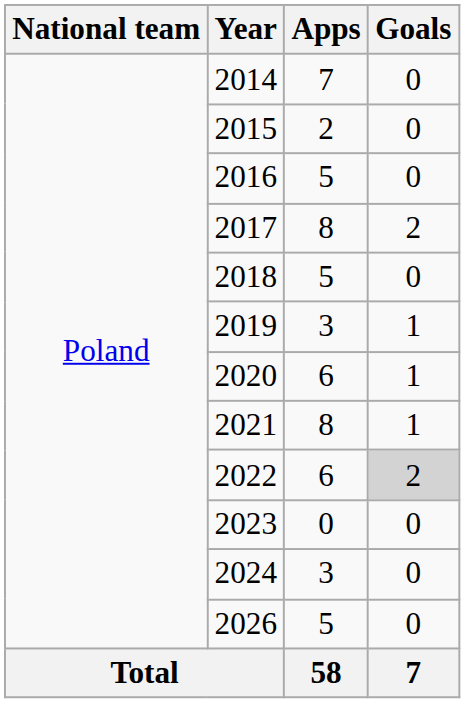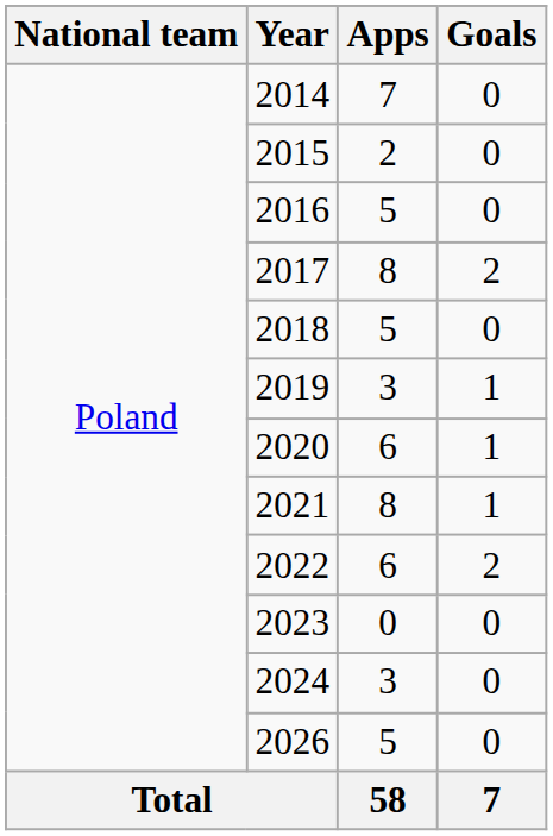 <table class="wikitable" style="text-align:center">
 <tr>
 <th>National team</th>
 <th>Year</th>
 <th>Apps</th>
 <th>Goals</th>
 </tr>
 <tr>
 <td rowspan="12"><a href='#'>Poland</a></td>
 <td>2014</td>
 <td>7</td>
 <td>0</td>
 </tr>
 <tr>
 <td>2015</td>
 <td>2</td>
 <td>0</td>
 </tr>
 <tr>
 <td>2016</td>
 <td>5</td>
 <td>0</td>
 </tr>
 <tr>
 <td>2017</td>
 <td>8</td>
 <td>2</td>
 </tr>
 <tr>
 <td>2018</td>
 <td>5</td>
 <td>0</td>
 </tr>
 <tr>
 <td>2019</td>
 <td>3</td>
 <td>1</td>
 </tr>
 <tr>
 <td>2020</td>
 <td>6</td>
 <td>1</td>
 </tr>
 <tr>
 <td>2021</td>
 <td>8</td>
 <td>1</td>
 </tr>
 <tr>
 <td>2022</td>
 <td>6</td>
-<td style="background: lightgrey;">2</td>
+<td>2</td>
 </tr>
 <tr>
 <td>2023</td>
 <td>0</td>
 <td>0</td>
 </tr>
 <tr>
 <td>2024</td>
 <td>3</td>
 <td>0</td>
 </tr>
 <tr>
 <td>2026</td>
 <td>5</td>
 <td>0</td>
 </tr>
 <tr>
 <th colspan="2">Total</th>
 <th>58</th>
 <th>7</th>
 </tr>
 </table>
